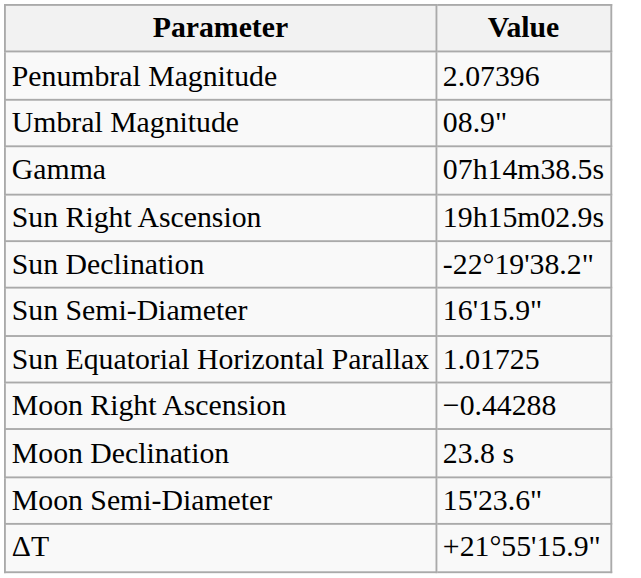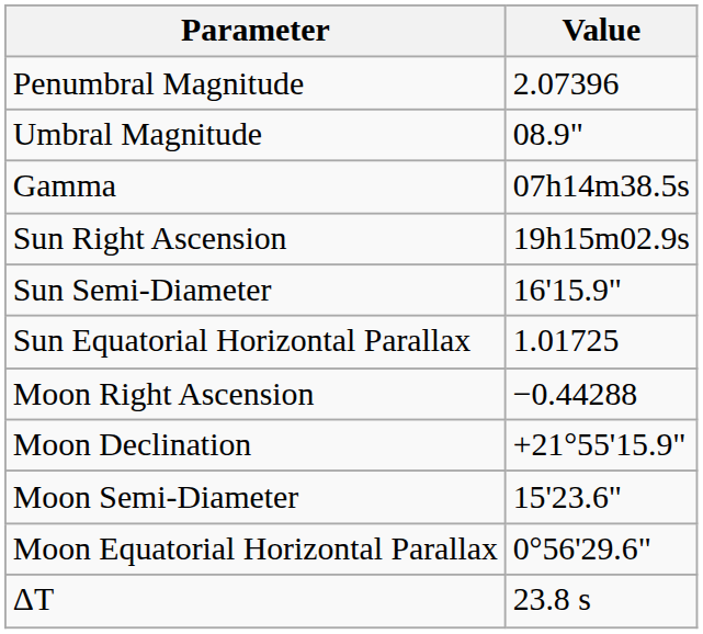 <table class="wikitable">
 <tr>
 <th>Parameter</th>
 <th>Value</th>
 </tr>
 <tr>
 <td>Penumbral Magnitude</td>
 <td>2.07396</td>
 </tr>
 <tr>
 <td>Umbral Magnitude</td>
 <td>08.9"</td>
 </tr>
 <tr>
 <td>Gamma</td>
 <td>07h14m38.5s</td>
 </tr>
 <tr>
 <td>Sun Right Ascension</td>
 <td>19h15m02.9s</td>
 </tr>
 <tr>
-<td>Sun Declination</td>
-<td>-22°19'38.2"</td>
-</tr>
-<tr>
 <td>Sun Semi-Diameter</td>
 <td>16'15.9"</td>
 </tr>
 <tr>
 <td>Sun Equatorial Horizontal Parallax</td>
 <td>1.01725</td>
 </tr>
 <tr>
 <td>Moon Right Ascension</td>
 <td>−0.44288</td>
 </tr>
 <tr>
 <td>Moon Declination</td>
-<td>23.8 s</td>
+<td>+21°55'15.9"</td>
 </tr>
 <tr>
 <td>Moon Semi-Diameter</td>
 <td>15'23.6"</td>
 </tr>
 <tr>
+<td>Moon Equatorial Horizontal Parallax</td>
+<td>0°56'29.6"</td>
+</tr>
+<tr>
 <td>ΔT</td>
-<td>+21°55'15.9"</td>
+<td>23.8 s</td>
 </tr>
 </table>
